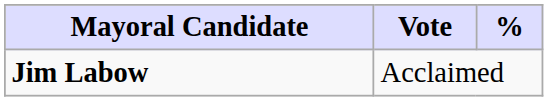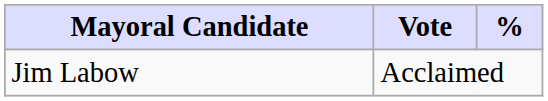 <table class="wikitable">
 <tr>
 <th style="background:#ddf; width:200px;">Mayoral Candidate </th>
 <th style="background:#ddf; width:50px;">Vote</th>
 <th style="background:#ddf; width:30px;">%</th>
 </tr>
 <tr>
-<td><strong>Jim Labow</strong></td>
+<td>Jim Labow</td>
 <td colspan="2">Acclaimed</td>
 </tr>
 </table>
